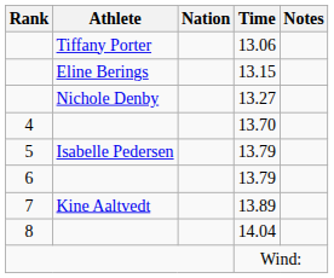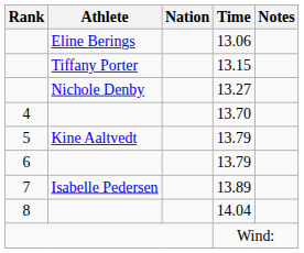 <table class="wikitable sortable" style="text-align:center;">
 <tr>
 <th scope="col" style="width: 10px;">Rank</th>
 <th scope="col">Athlete</th>
 <th scope="col">Nation</th>
 <th scope="col">Time</th>
 <th scope="col">Notes</th>
 </tr>
 <tr>
 <td></td>
-<td align=left><a href='#'>Tiffany Porter</a></td>
+<td align=left><a href='#'>Eline Berings</a></td>
 <td align=left></td>
 <td>13.06</td>
 <td></td>
 </tr>
 <tr>
 <td></td>
-<td align=left><a href='#'>Eline Berings</a></td>
+<td align=left><a href='#'>Tiffany Porter</a></td>
 <td align=left></td>
 <td>13.15</td>
 <td></td>
 </tr>
 <tr>
 <td></td>
 <td align=left><a href='#'>Nichole Denby</a></td>
 <td align=left></td>
 <td>13.27</td>
 <td></td>
 </tr>
 <tr>
 <td>4</td>
 <td align=left></td>
 <td align=left></td>
 <td>13.70</td>
 <td></td>
 </tr>
 <tr>
 <td>5</td>
-<td align=left><a href='#'>Isabelle Pedersen</a></td>
+<td align=left><a href='#'>Kine Aaltvedt</a></td>
 <td align=left></td>
 <td>13.79</td>
 <td></td>
 </tr>
 <tr>
 <td>6</td>
 <td align=left></td>
 <td align=left></td>
 <td>13.79</td>
 <td></td>
 </tr>
 <tr>
 <td>7</td>
-<td align=left><a href='#'>Kine Aaltvedt</a></td>
+<td align=left><a href='#'>Isabelle Pedersen</a></td>
 <td align=left></td>
 <td>13.89</td>
 <td></td>
 </tr>
 <tr>
 <td>8</td>
 <td align=left></td>
 <td align=left></td>
 <td>14.04</td>
 <td></td>
 </tr>
 <tr class="sortbottom">
 <td colspan="3"></td>
 <td colspan="2">Wind: </td>
 </tr>
 </table>
